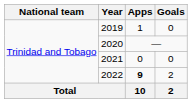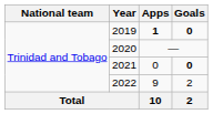 <table class=wikitable style=text-align:center>
 <tr>
 <th>National team</th>
 <th>Year</th>
 <th>Apps</th>
 <th>Goals</th>
 </tr>
 <tr>
 <td rowspan="4"><a href='#'>Trinidad and Tobago</a></td>
 <td>2019</td>
-<td>1</td>
-<td>0</td>
+<td><strong>1</strong></td>
+<td><strong>0</strong></td>
 </tr>
 <tr>
 <td>2020</td>
 <td colspan=2>—</td>
 </tr>
 <tr>
 <td>2021</td>
 <td>0</td>
-<td>0</td>
+<td><strong>0</strong></td>
 </tr>
 <tr>
 <td>2022</td>
-<td><strong>9</strong></td>
+<td>9</td>
 <td>2</td>
 </tr>
 <tr>
 <th colspan="2">Total</th>
 <th>10</th>
 <th>2</th>
 </tr>
 </table>
